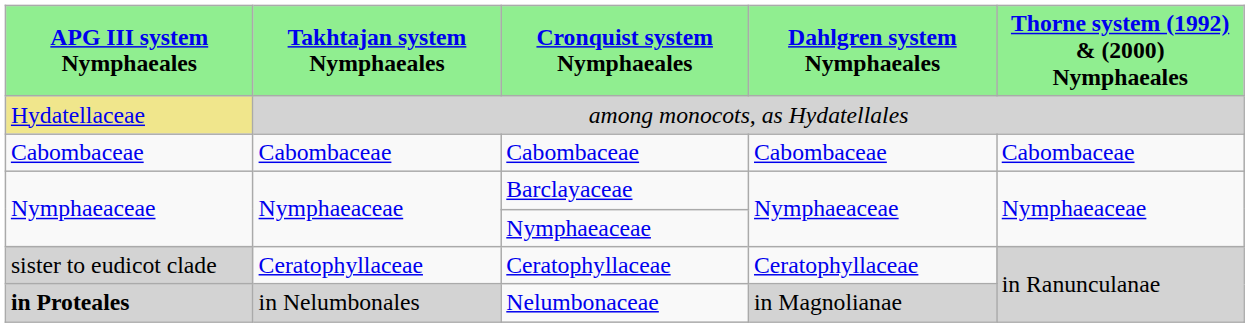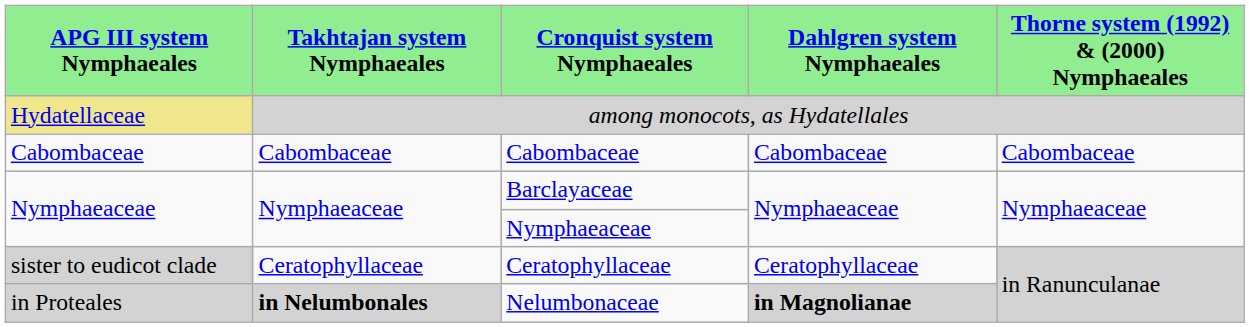 <table class="wikitable" align="left" style="margin-left:1em">
 <tr>
 <th style="background:lightgreen" align="center" width="160px"><a href='#'>APG III system</a><br>Nymphaeales</th>
 <th style="background:lightgreen" align="center" width="160px"><a href='#'>Takhtajan system</a><br>Nymphaeales</th>
 <th style="background:lightgreen" align="center" width="160px"><a href='#'>Cronquist system</a><br>Nymphaeales</th>
 <th style="background:lightgreen" align="center" width="160px"><a href='#'>Dahlgren system</a><br>Nymphaeales</th>
 <th style="background:lightgreen" align="center" width="160px"><a href='#'>Thorne system (1992)</a> & (2000)<br>Nymphaeales</th>
 </tr>
 <tr>
 <td style="background: khaki;"><a href='#'>Hydatellaceae</a></td>
 <td colspan=4 align="center" style="background:lightgrey"><em>among monocots, as Hydatellales</em></td>
 </tr>
 <tr>
 <td><a href='#'>Cabombaceae</a></td>
 <td><a href='#'>Cabombaceae</a><br></td>
 <td><a href='#'>Cabombaceae</a><br></td>
 <td><a href='#'>Cabombaceae</a></td>
 <td><a href='#'>Cabombaceae</a><br></td>
 </tr>
 <tr>
 <td rowspan=2><a href='#'>Nymphaeaceae</a></td>
 <td rowspan=2><a href='#'>Nymphaeaceae</a><br></td>
 <td><a href='#'>Barclayaceae</a><br></td>
 <td rowspan=2><a href='#'>Nymphaeaceae</a></td>
 <td rowspan=2><a href='#'>Nymphaeaceae</a><br></td>
 </tr>
 <tr>
 <td><a href='#'>Nymphaeaceae</a><br></td>
 </tr>
 <tr>
 <td style="background:lightgrey">sister to eudicot clade</td>
 <td><a href='#'>Ceratophyllaceae</a></td>
 <td><a href='#'>Ceratophyllaceae</a></td>
 <td><a href='#'>Ceratophyllaceae</a></td>
 <td rowspan=2 style="background:lightgrey">in Ranunculanae</td>
 </tr>
 <tr>
-<td style="background:lightgrey"><strong>in Proteales</strong></td>
-<td style="background:lightgrey">in Nelumbonales</td>
+<td style="background:lightgrey">in Proteales</td>
+<td style="background:lightgrey"><strong>in Nelumbonales</strong></td>
 <td><a href='#'>Nelumbonaceae</a></td>
-<td style="background:lightgrey">in Magnolianae</td>
+<td style="background:lightgrey"><strong>in Magnolianae</strong></td>
 </tr>
 </table>
